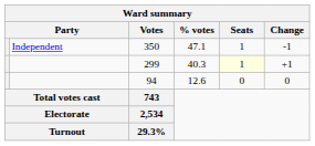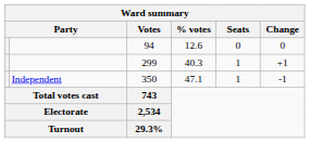 <table class="wikitable" style="font-size: 95%;">
 <tr style="background-color:#E9E9E9">
 <th colspan="6">Ward summary</th>
 </tr>
 <tr style="background-color:#E9E9E9">
 <th colspan="2">Party</th>
 <th style="width: 60px">Votes</th>
 <th style="width: 60px">% votes</th>
 <th style="width: 60px">Seats</th>
 <th style="width: 60px">Change</th>
 </tr>
 <tr>
 <th style="background-color: "></th>
-<td style="width: 170px"><a href='#'>Independent</a></td>
-<td align="center">350</td>
-<td align="center">47.1</td>
-<td align="center">1</td>
-<td align="center">-1</td>
+<td style="width: 170px"><a href='#'></a></td>
+<td align="center">94</td>
+<td align="center">12.6</td>
+<td align="center">0</td>
+<td align="center">0</td>
 </tr>
 <tr>
 <th style="background-color: "></th>
 <td style="width: 170px"><a href='#'></a></td>
 <td align="center">299</td>
 <td align="center">40.3</td>
-<td align="center" style="background: lightyellow;">1</td>
+<td align="center">1</td>
 <td align="center">+1</td>
 </tr>
 <tr>
 <th style="background-color: "></th>
-<td style="width: 170px"><a href='#'></a></td>
-<td align="center">94</td>
-<td align="center">12.6</td>
-<td align="center">0</td>
-<td align="center">0</td>
+<td style="width: 170px"><a href='#'>Independent</a></td>
+<td align="center">350</td>
+<td align="center">47.1</td>
+<td align="center">1</td>
+<td align="center">-1</td>
 </tr>
 <tr style="background-color:#E9E9E9">
 <th colspan="2">Total votes cast</th>
 <th style="width: 60px">743</th>
 </tr>
 <tr style="background-color:#E9E9E9">
 <th colspan="2">Electorate</th>
 <th style="width: 60px">2,534</th>
 </tr>
 <tr style="background-color:#E9E9E9">
 <th colspan="2">Turnout</th>
 <th style="width: 60px">29.3%</th>
 </tr>
 </table>
